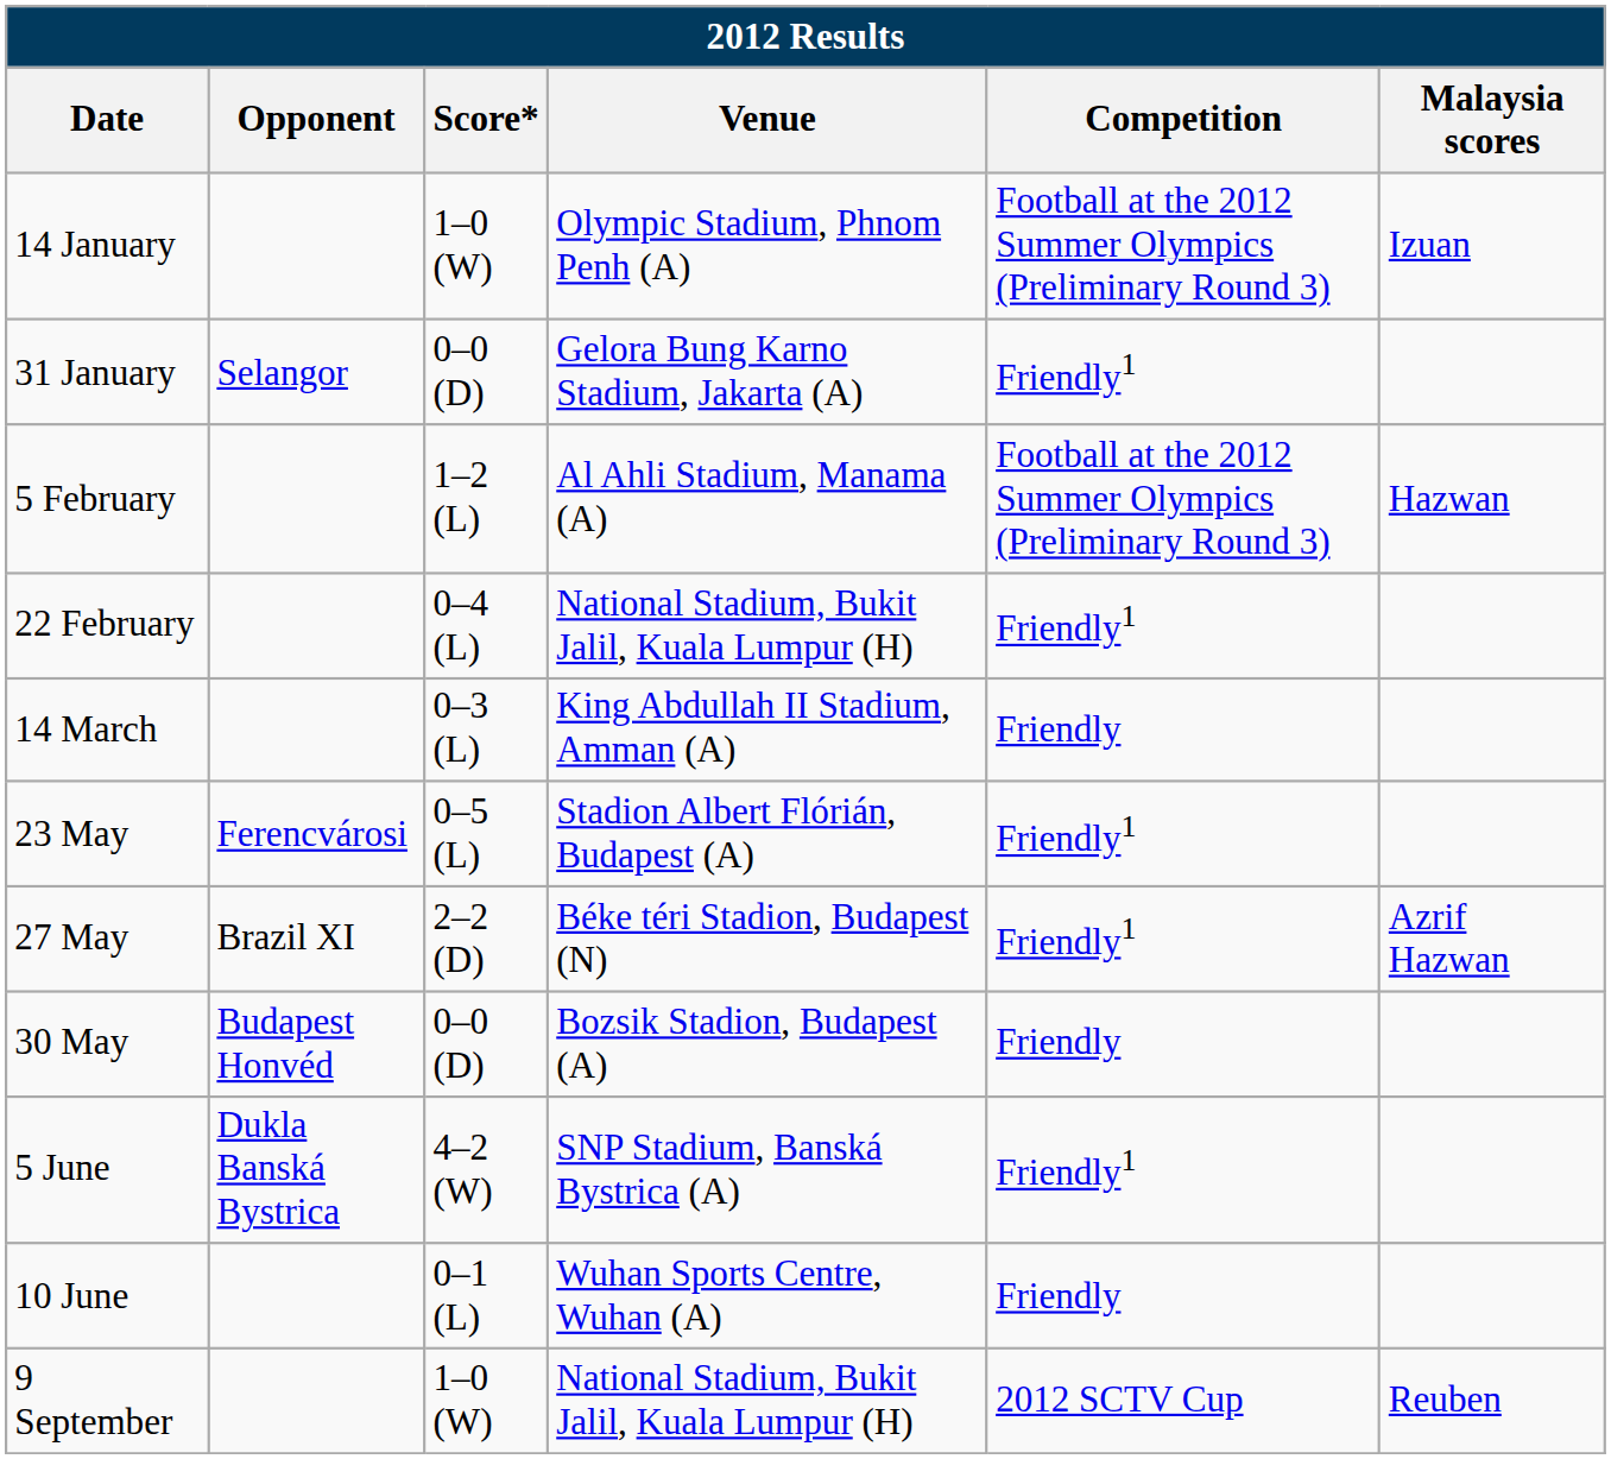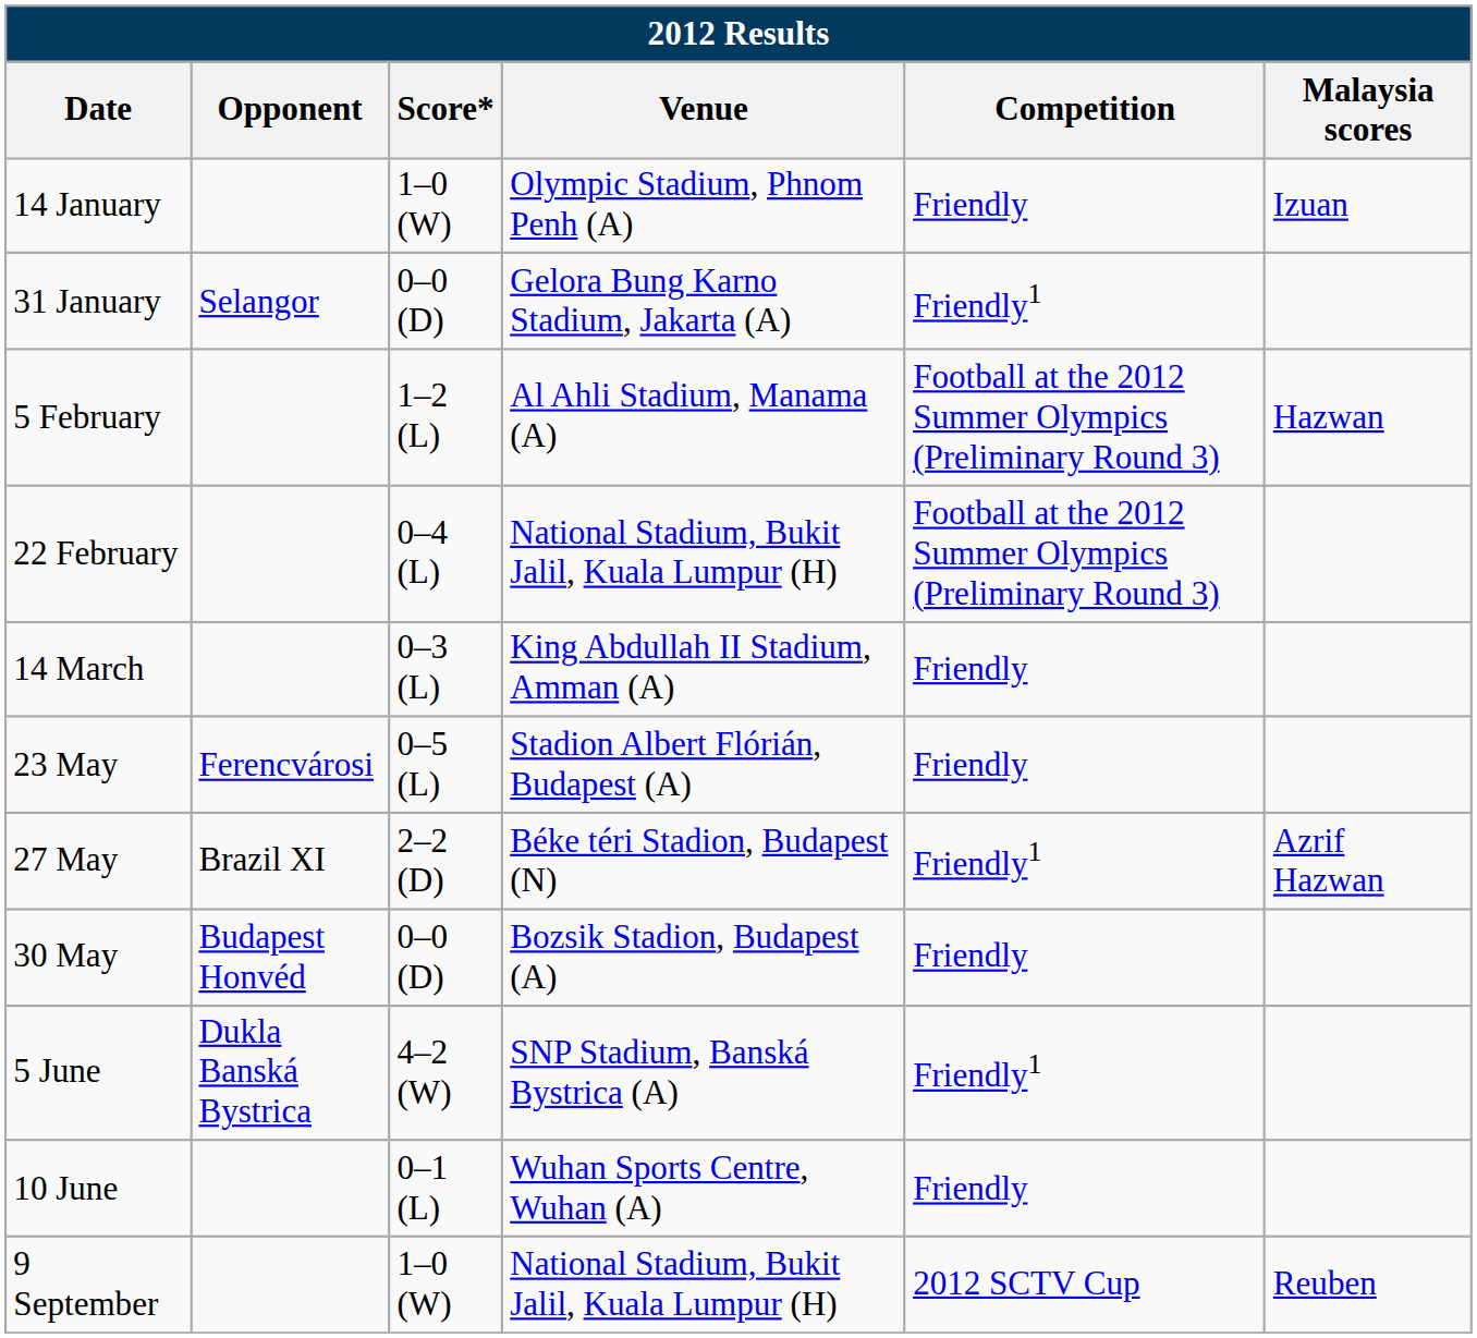 <table class="wikitable" width=100% style="text-align:left;font-size:90%;">
 <tr>
 <th colspan=9 style="background: #013A5E; color: #FFFFFF;">2012 Results</th>
 </tr>
 <tr>
 <th width=80>Date</th>
 <th width=80>Opponent</th>
 <th width=20>Score*</th>
 <th width=250>Venue</th>
 <th width=200>Competition</th>
 <th width=100>Malaysia scores</th>
 </tr>
 <tr>
 <td>14 January</td>
 <td></td>
 <td>1–0 (W)</td>
 <td><a href='#'>Olympic Stadium</a>, <a href='#'>Phnom Penh</a> (A)</td>
-<td><a href='#'>Football at the 2012 Summer Olympics (Preliminary Round 3)</a></td>
+<td><a href='#'>Friendly</a></td>
 <td><a href='#'>Izuan</a> </td>
 </tr>
 <tr>
 <td>31 January</td>
 <td> <a href='#'>Selangor</a></td>
 <td>0–0 (D)</td>
 <td><a href='#'>Gelora Bung Karno Stadium</a>, <a href='#'>Jakarta</a> (A)</td>
 <td><a href='#'>Friendly</a><sup>1</sup></td>
 <td></td>
 </tr>
 <tr>
 <td>5 February</td>
 <td></td>
 <td>1–2 (L)</td>
 <td><a href='#'>Al Ahli Stadium</a>, <a href='#'>Manama</a> (A)</td>
 <td><a href='#'>Football at the 2012 Summer Olympics (Preliminary Round 3)</a></td>
 <td><a href='#'>Hazwan</a> </td>
 </tr>
 <tr>
 <td>22 February</td>
 <td></td>
 <td>0–4 (L)</td>
 <td><a href='#'>National Stadium, Bukit Jalil</a>, <a href='#'>Kuala Lumpur</a> (H)</td>
-<td><a href='#'>Friendly</a><sup>1</sup></td>
+<td><a href='#'>Football at the 2012 Summer Olympics (Preliminary Round 3)</a></td>
 <td></td>
 </tr>
 <tr>
 <td>14 March</td>
 <td></td>
 <td>0–3 (L)</td>
 <td><a href='#'>King Abdullah II Stadium</a>, <a href='#'>Amman</a> (A)</td>
 <td><a href='#'>Friendly</a></td>
 <td></td>
 </tr>
 <tr>
 <td>23 May</td>
 <td> <a href='#'>Ferencvárosi</a></td>
 <td>0–5 (L)</td>
 <td><a href='#'>Stadion Albert Flórián</a>, <a href='#'>Budapest</a> (A)</td>
-<td><a href='#'>Friendly</a><sup>1</sup></td>
+<td><a href='#'>Friendly</a></td>
 <td></td>
 </tr>
 <tr>
 <td>27 May</td>
 <td> Brazil XI</td>
 <td>2–2 (D)</td>
 <td><a href='#'>Béke téri Stadion</a>, <a href='#'>Budapest</a> (N)</td>
 <td><a href='#'>Friendly</a><sup>1</sup></td>
 <td><a href='#'>Azrif</a> <br><a href='#'>Hazwan</a> </td>
 </tr>
 <tr>
 <td>30 May</td>
 <td> <a href='#'>Budapest Honvéd</a></td>
 <td>0–0 (D)</td>
 <td><a href='#'>Bozsik Stadion</a>, <a href='#'>Budapest</a> (A)</td>
 <td><a href='#'>Friendly</a></td>
 <td></td>
 </tr>
 <tr>
 <td>5 June</td>
 <td> <a href='#'>Dukla Banská Bystrica</a></td>
 <td>4–2 (W)</td>
 <td><a href='#'>SNP Stadium</a>, <a href='#'>Banská Bystrica</a> (A)</td>
 <td><a href='#'>Friendly</a><sup>1</sup></td>
 <td><br><br><br></td>
 </tr>
 <tr>
 <td>10 June</td>
 <td></td>
 <td>0–1 (L)</td>
 <td><a href='#'>Wuhan Sports Centre</a>, <a href='#'>Wuhan</a> (A)</td>
 <td><a href='#'>Friendly</a></td>
 <td></td>
 </tr>
 <tr>
 <td>9 September</td>
 <td></td>
 <td>1–0 (W)</td>
 <td><a href='#'>National Stadium, Bukit Jalil</a>, <a href='#'>Kuala Lumpur</a> (H)</td>
 <td><a href='#'>2012 SCTV Cup</a></td>
 <td><a href='#'>Reuben</a> </td>
 </tr>
 </table>
